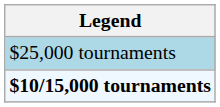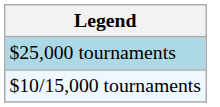 <table class=wikitable style="font-size:85%">
 <tr>
 <th>Legend</th>
 </tr>
 <tr style="background:lightblue;">
 <td>$25,000 tournaments</td>
 </tr>
 <tr style="background:#f0f8ff;">
-<td><strong>$10/15,000 tournaments</strong></td>
+<td>$10/15,000 tournaments</td>
 </tr>
 </table>
